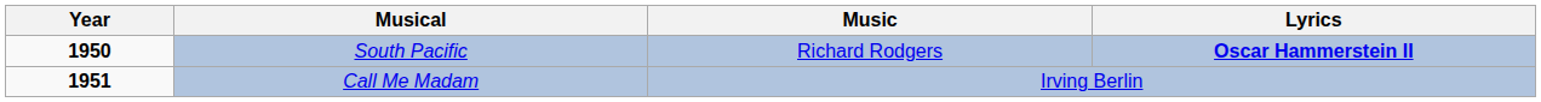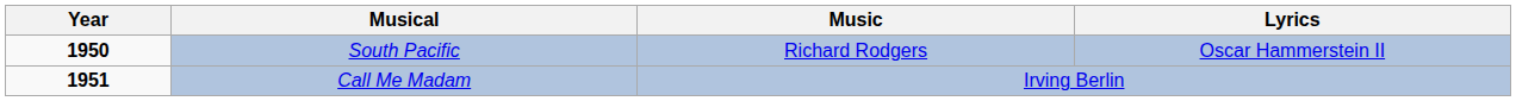 <table class="wikitable" style="width:100%; text-align:center;">
 <tr style="background:#bebebe;">
 <th style="width:11%;">Year</th>
 <th style="width:31%;">Musical</th>
 <th style="width:29%;">Music</th>
 <th style="width:29%;">Lyrics</th>
 </tr>
 <tr>
 <td rowspan="2" align="center"><strong>1950</strong><br></td>
 </tr>
 <tr style="background:#B0C4DE">
 <td><em><a href='#'>South Pacific</a></em></td>
 <td><a href='#'>Richard Rodgers</a></td>
-<td><strong><a href='#'>Oscar Hammerstein II</a></strong></td>
+<td><a href='#'>Oscar Hammerstein II</a></td>
 </tr>
 <tr>
 <td rowspan="2" align="center"><strong>1951</strong><br></td>
 </tr>
 <tr style="background:#B0C4DE">
 <td><em><a href='#'>Call Me Madam</a></em></td>
 <td colspan="2"><a href='#'>Irving Berlin</a></td>
 </tr>
 <tr>
 </tr>
 </table>
